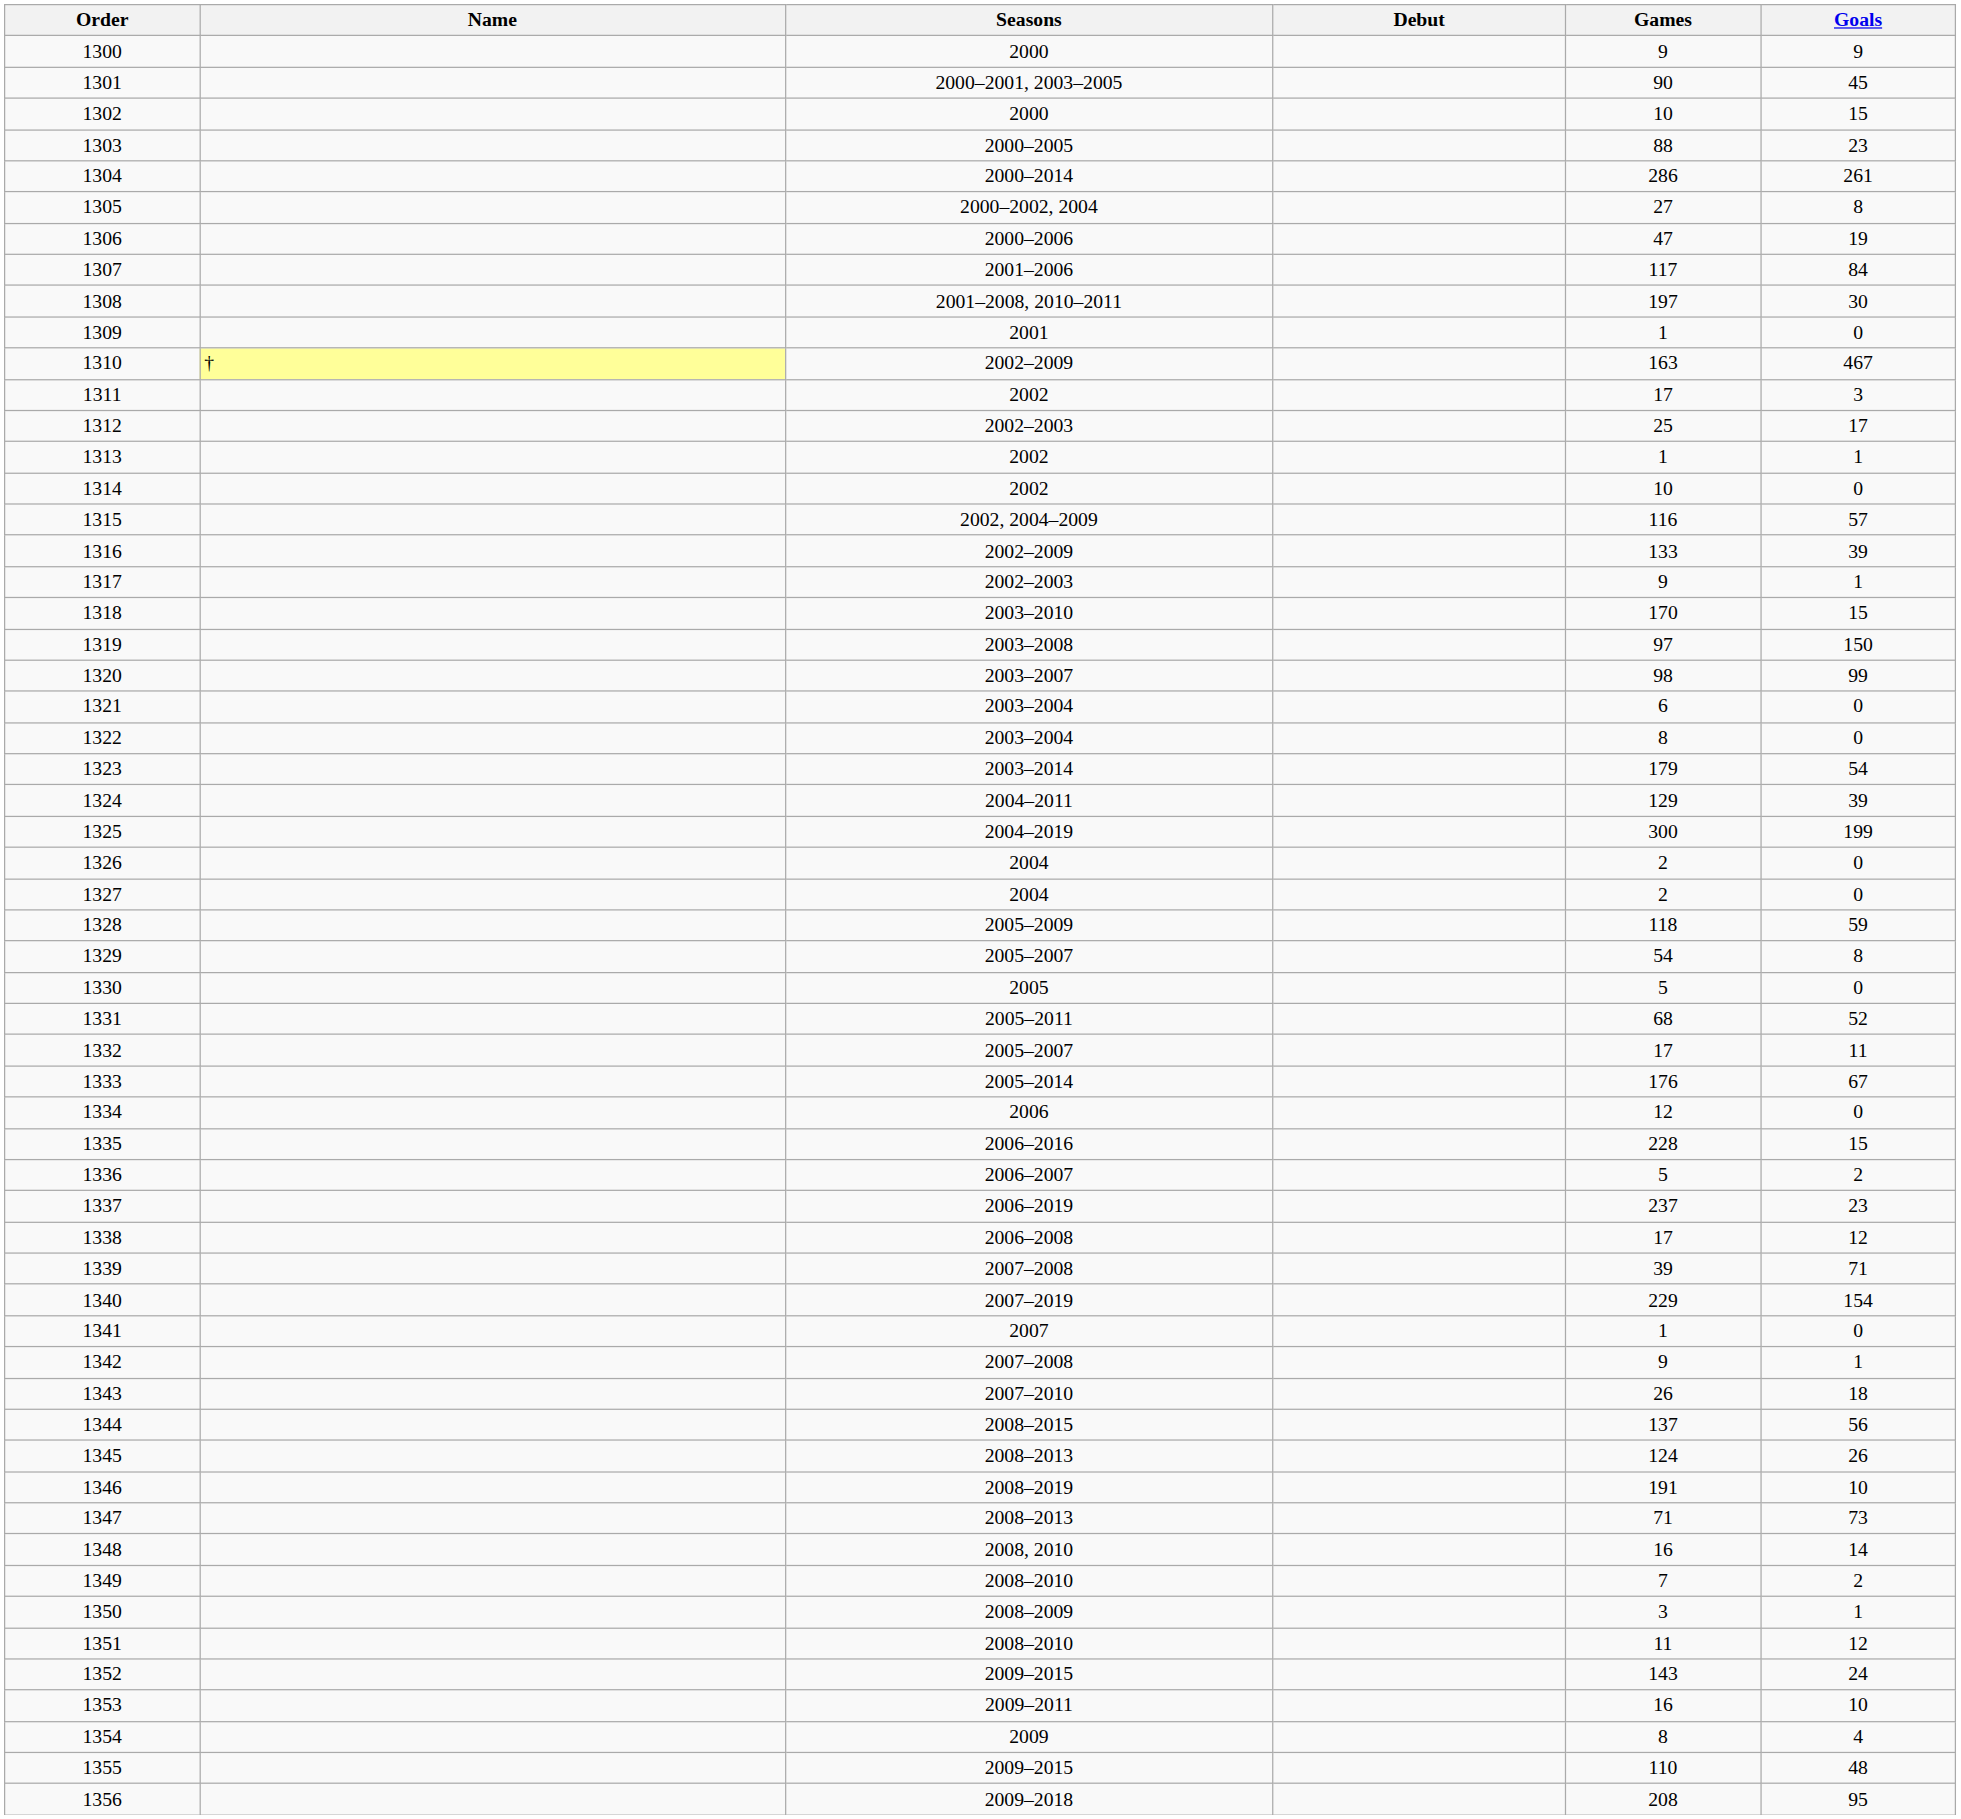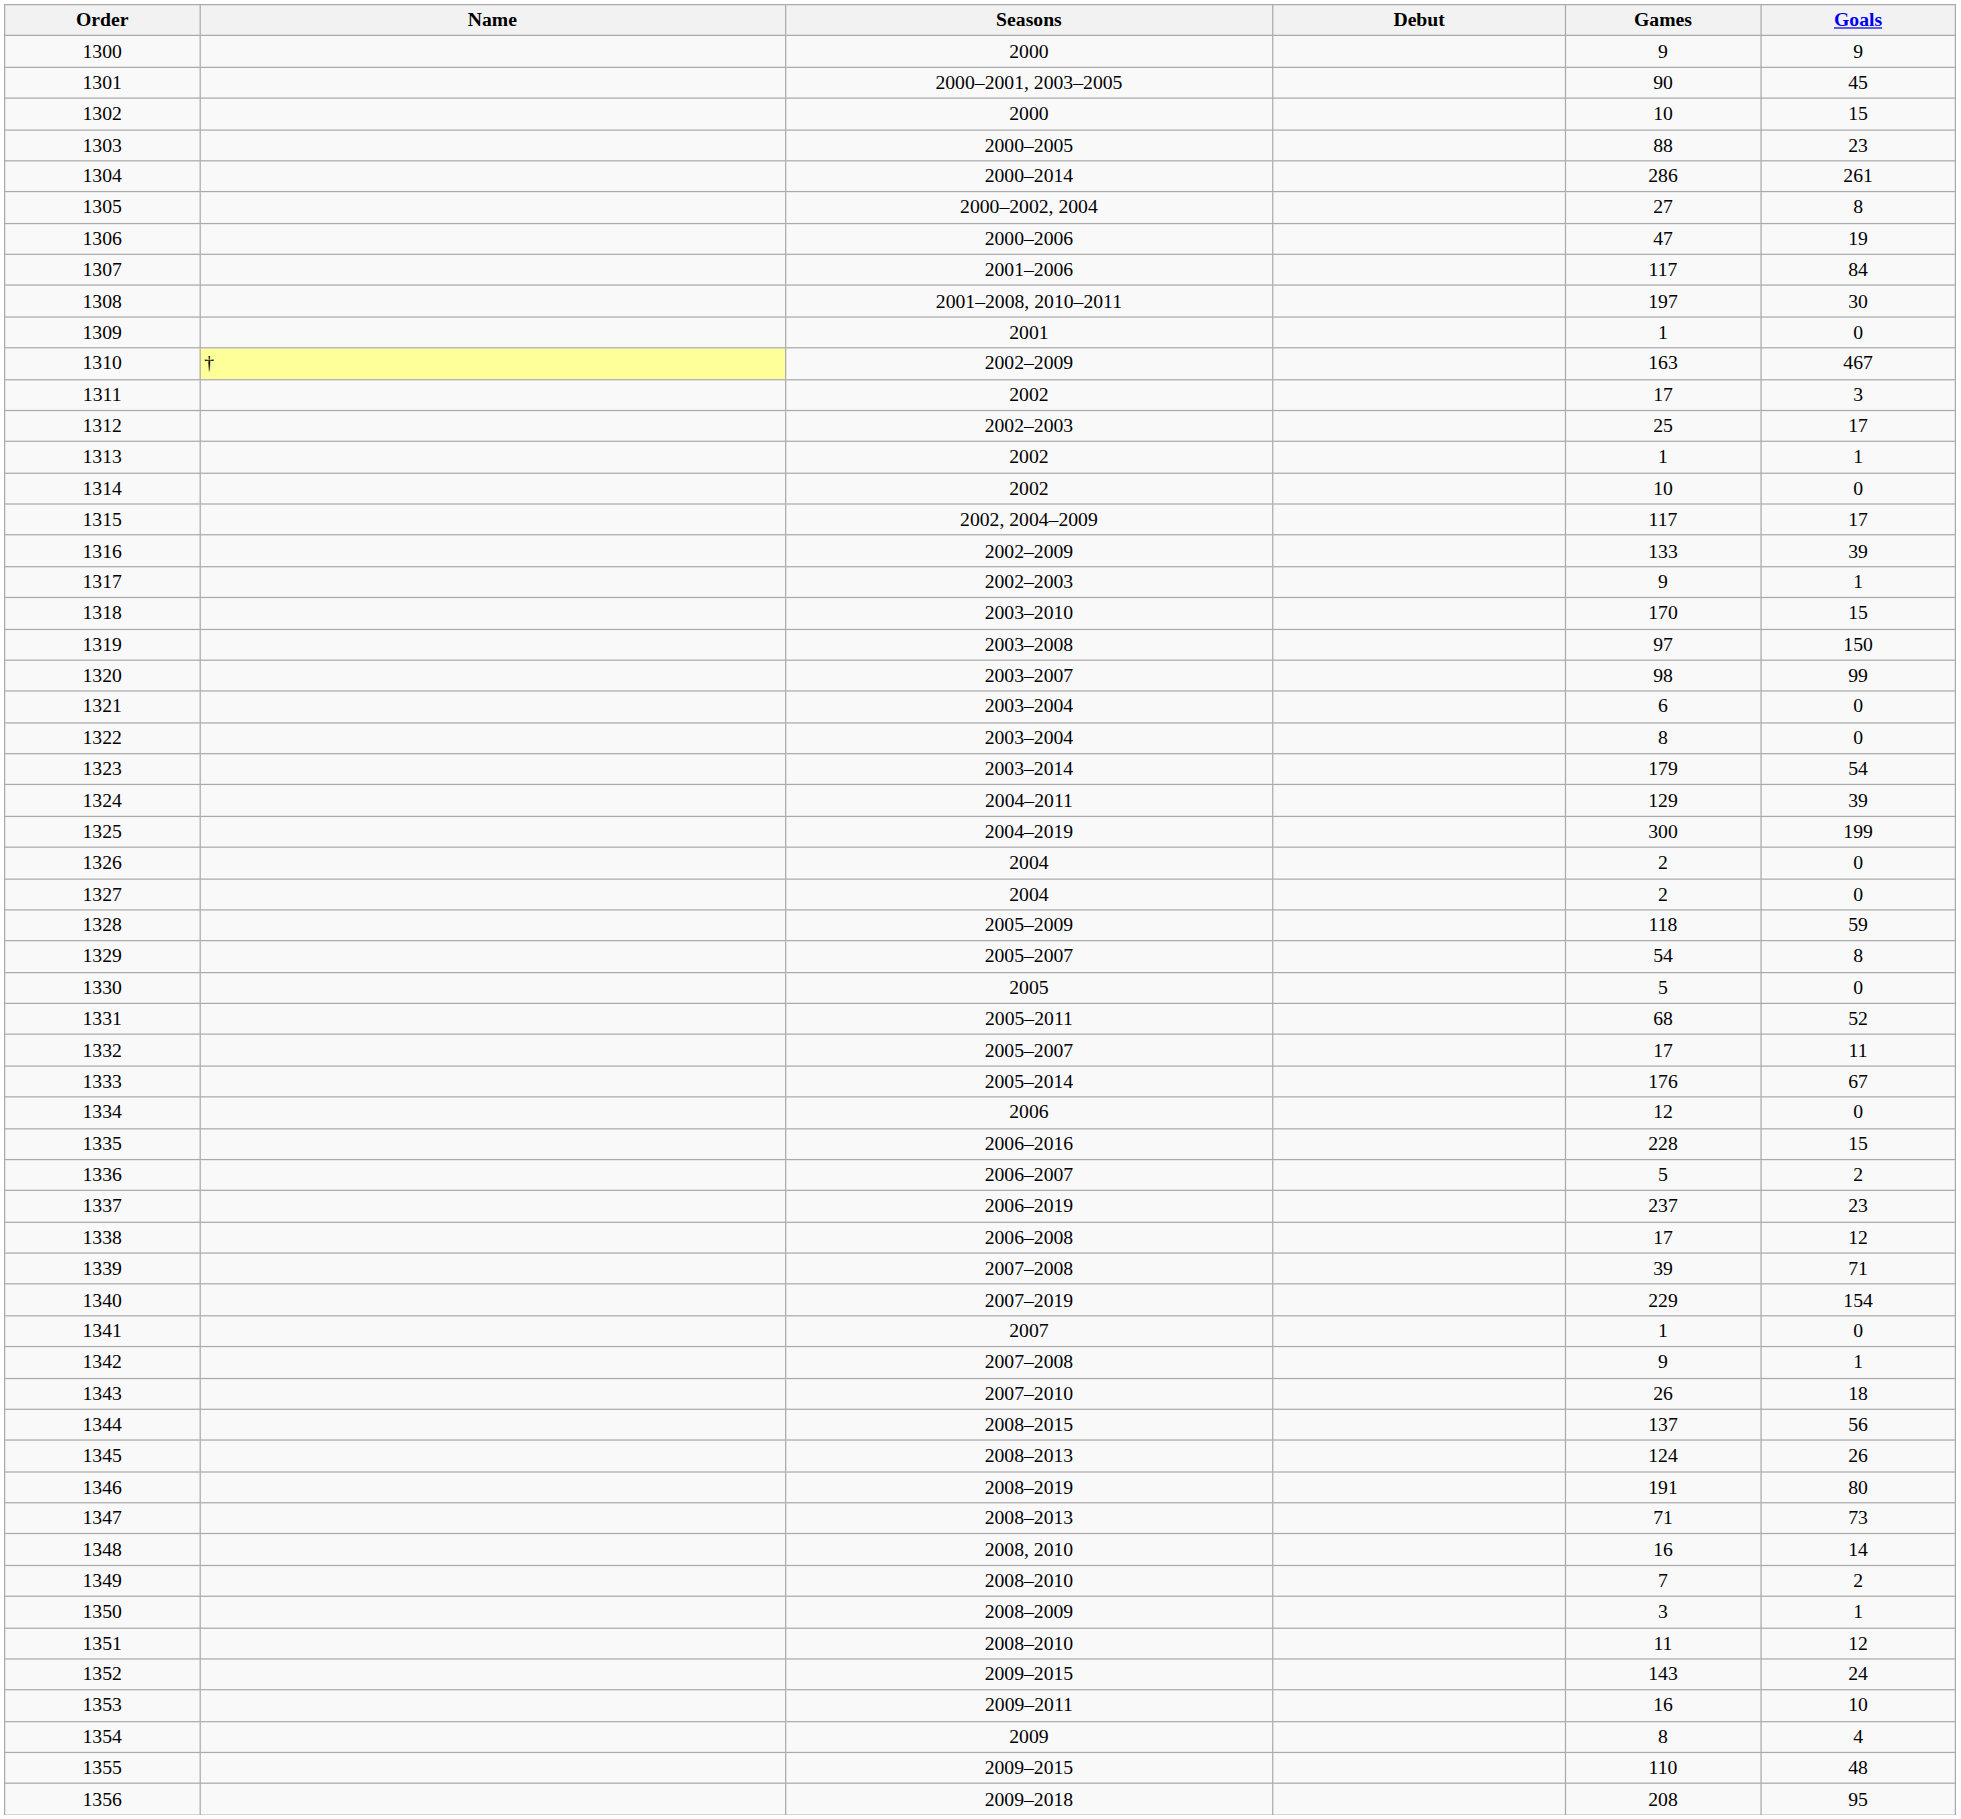 <table class="wikitable sortable" style="text-align:center; width:80%">
 <tr>
 <th style="width=5%">Order</th>
 <th style="width:30%">Name</th>
 <th style="width:25%">Seasons</th>
 <th style="width:15%">Debut</th>
 <th style="width:10%">Games</th>
 <th style="width:10%"><a href='#'>Goals</a></th>
 </tr>
 <tr>
 <td>1300</td>
 <td align=left></td>
 <td>2000</td>
 <td></td>
 <td>9</td>
 <td>9</td>
 </tr>
 <tr>
 <td>1301</td>
 <td align=left></td>
 <td>2000–2001, 2003–2005</td>
 <td></td>
 <td>90</td>
 <td>45</td>
 </tr>
 <tr>
 <td>1302</td>
 <td align=left></td>
 <td>2000</td>
 <td></td>
 <td>10</td>
 <td>15</td>
 </tr>
 <tr>
 <td>1303</td>
 <td align=left></td>
 <td>2000–2005</td>
 <td></td>
 <td>88</td>
 <td>23</td>
 </tr>
 <tr>
 <td>1304</td>
 <td align=left></td>
 <td>2000–2014</td>
 <td></td>
 <td>286</td>
 <td>261</td>
 </tr>
 <tr>
 <td>1305</td>
 <td align=left></td>
 <td>2000–2002, 2004</td>
 <td></td>
 <td>27</td>
 <td>8</td>
 </tr>
 <tr>
 <td>1306</td>
 <td align=left></td>
 <td>2000–2006</td>
 <td></td>
 <td>47</td>
 <td>19</td>
 </tr>
 <tr>
 <td>1307</td>
 <td align=left></td>
 <td>2001–2006</td>
 <td></td>
 <td>117</td>
 <td>84</td>
 </tr>
 <tr>
 <td>1308</td>
 <td align=left></td>
 <td>2001–2008, 2010–2011</td>
 <td></td>
 <td>197</td>
 <td>30</td>
 </tr>
 <tr>
 <td>1309</td>
 <td align=left></td>
 <td>2001</td>
 <td></td>
 <td>1</td>
 <td>0</td>
 </tr>
 <tr>
 <td>1310</td>
 <td style="text-align:left; background:#FFFF99">†</td>
 <td>2002–2009</td>
 <td></td>
 <td>163</td>
 <td>467</td>
 </tr>
 <tr>
 <td>1311</td>
 <td align=left></td>
 <td>2002</td>
 <td></td>
 <td>17</td>
 <td>3</td>
 </tr>
 <tr>
 <td>1312</td>
 <td align=left></td>
 <td>2002–2003</td>
 <td></td>
 <td>25</td>
 <td>17</td>
 </tr>
 <tr>
 <td>1313</td>
 <td align=left></td>
 <td>2002</td>
 <td></td>
 <td>1</td>
 <td>1</td>
 </tr>
 <tr>
 <td>1314</td>
 <td align=left></td>
 <td>2002</td>
 <td></td>
 <td>10</td>
 <td>0</td>
 </tr>
 <tr>
 <td>1315</td>
 <td align=left></td>
 <td>2002, 2004–2009</td>
 <td></td>
-<td>116</td>
-<td>57</td>
+<td>117</td>
+<td>17</td>
 </tr>
 <tr>
 <td>1316</td>
 <td align=left></td>
 <td>2002–2009</td>
 <td></td>
 <td>133</td>
 <td>39</td>
 </tr>
 <tr>
 <td>1317</td>
 <td align=left></td>
 <td>2002–2003</td>
 <td></td>
 <td>9</td>
 <td>1</td>
 </tr>
 <tr>
 <td>1318</td>
 <td align=left></td>
 <td>2003–2010</td>
 <td></td>
 <td>170</td>
 <td>15</td>
 </tr>
 <tr>
 <td>1319</td>
 <td align=left></td>
 <td>2003–2008</td>
 <td></td>
 <td>97</td>
 <td>150</td>
 </tr>
 <tr>
 <td>1320</td>
 <td align=left></td>
 <td>2003–2007</td>
 <td></td>
 <td>98</td>
 <td>99</td>
 </tr>
 <tr>
 <td>1321</td>
 <td align=left></td>
 <td>2003–2004</td>
 <td></td>
 <td>6</td>
 <td>0</td>
 </tr>
 <tr>
 <td>1322</td>
 <td align=left></td>
 <td>2003–2004</td>
 <td></td>
 <td>8</td>
 <td>0</td>
 </tr>
 <tr>
 <td>1323</td>
 <td align=left></td>
 <td>2003–2014</td>
 <td></td>
 <td>179</td>
 <td>54</td>
 </tr>
 <tr>
 <td>1324</td>
 <td align=left></td>
 <td>2004–2011</td>
 <td></td>
 <td>129</td>
 <td>39</td>
 </tr>
 <tr>
 <td>1325</td>
 <td style="text-align:left;"></td>
 <td>2004–2019</td>
 <td></td>
 <td>300</td>
 <td>199</td>
 </tr>
 <tr>
 <td>1326</td>
 <td align=left></td>
 <td>2004</td>
 <td></td>
 <td>2</td>
 <td>0</td>
 </tr>
 <tr>
 <td>1327</td>
 <td align=left></td>
 <td>2004</td>
 <td></td>
 <td>2</td>
 <td>0</td>
 </tr>
 <tr>
 <td>1328</td>
 <td align=left></td>
 <td>2005–2009</td>
 <td></td>
 <td>118</td>
 <td>59</td>
 </tr>
 <tr>
 <td>1329</td>
 <td align=left></td>
 <td>2005–2007</td>
 <td></td>
 <td>54</td>
 <td>8</td>
 </tr>
 <tr>
 <td>1330</td>
 <td align=left></td>
 <td>2005</td>
 <td></td>
 <td>5</td>
 <td>0</td>
 </tr>
 <tr>
 <td>1331</td>
 <td align=left></td>
 <td>2005–2011</td>
 <td></td>
 <td>68</td>
 <td>52</td>
 </tr>
 <tr>
 <td>1332</td>
 <td align=left></td>
 <td>2005–2007</td>
 <td></td>
 <td>17</td>
 <td>11</td>
 </tr>
 <tr>
 <td>1333</td>
 <td align=left></td>
 <td>2005–2014</td>
 <td></td>
 <td>176</td>
 <td>67</td>
 </tr>
 <tr>
 <td>1334</td>
 <td align=left></td>
 <td>2006</td>
 <td></td>
 <td>12</td>
 <td>0</td>
 </tr>
 <tr>
 <td>1335</td>
 <td align=left></td>
 <td>2006–2016</td>
 <td></td>
 <td>228</td>
 <td>15</td>
 </tr>
 <tr>
 <td>1336</td>
 <td align=left></td>
 <td>2006–2007</td>
 <td></td>
 <td>5</td>
 <td>2</td>
 </tr>
 <tr>
 <td>1337</td>
 <td style="text-align:left;"></td>
 <td>2006–2019</td>
 <td></td>
 <td>237</td>
 <td>23</td>
 </tr>
 <tr>
 <td>1338</td>
 <td align=left></td>
 <td>2006–2008</td>
 <td></td>
 <td>17</td>
 <td>12</td>
 </tr>
 <tr>
 <td>1339</td>
 <td align=left></td>
 <td>2007–2008</td>
 <td></td>
 <td>39</td>
 <td>71</td>
 </tr>
 <tr>
 <td>1340</td>
 <td style="text-align:left;"></td>
 <td>2007–2019</td>
 <td></td>
 <td>229</td>
 <td>154</td>
 </tr>
 <tr>
 <td>1341</td>
 <td align=left></td>
 <td>2007</td>
 <td></td>
 <td>1</td>
 <td>0</td>
 </tr>
 <tr>
 <td>1342</td>
 <td align=left></td>
 <td>2007–2008</td>
 <td></td>
 <td>9</td>
 <td>1</td>
 </tr>
 <tr>
 <td>1343</td>
 <td align=left></td>
 <td>2007–2010</td>
 <td></td>
 <td>26</td>
 <td>18</td>
 </tr>
 <tr>
 <td>1344</td>
 <td align=left></td>
 <td>2008–2015</td>
 <td></td>
 <td>137</td>
 <td>56</td>
 </tr>
 <tr>
 <td>1345</td>
 <td align=left></td>
 <td>2008–2013</td>
 <td></td>
 <td>124</td>
 <td>26</td>
 </tr>
 <tr>
 <td>1346</td>
 <td style="text-align:left;"></td>
 <td>2008–2019</td>
 <td></td>
 <td>191</td>
-<td>10</td>
+<td>80</td>
 </tr>
 <tr>
 <td>1347</td>
 <td align=left></td>
 <td>2008–2013</td>
 <td></td>
 <td>71</td>
 <td>73</td>
 </tr>
 <tr>
 <td>1348</td>
 <td align=left></td>
 <td>2008, 2010</td>
 <td></td>
 <td>16</td>
 <td>14</td>
 </tr>
 <tr>
 <td>1349</td>
 <td align=left></td>
 <td>2008–2010</td>
 <td></td>
 <td>7</td>
 <td>2</td>
 </tr>
 <tr>
 <td>1350</td>
 <td align=left></td>
 <td>2008–2009</td>
 <td></td>
 <td>3</td>
 <td>1</td>
 </tr>
 <tr>
 <td>1351</td>
 <td align=left></td>
 <td>2008–2010</td>
 <td></td>
 <td>11</td>
 <td>12</td>
 </tr>
 <tr>
 <td>1352</td>
 <td align=left></td>
 <td>2009–2015</td>
 <td></td>
 <td>143</td>
 <td>24</td>
 </tr>
 <tr>
 <td>1353</td>
 <td align=left></td>
 <td>2009–2011</td>
 <td></td>
 <td>16</td>
 <td>10</td>
 </tr>
 <tr>
 <td>1354</td>
 <td align=left></td>
 <td>2009</td>
 <td></td>
 <td>8</td>
 <td>4</td>
 </tr>
 <tr>
 <td>1355</td>
 <td align=left></td>
 <td>2009–2015</td>
 <td></td>
 <td>110</td>
 <td>48</td>
 </tr>
 <tr>
 <td>1356</td>
 <td style="text-align:left;"></td>
 <td>2009–2018</td>
 <td></td>
 <td>208</td>
 <td>95</td>
 </tr>
 </table>
